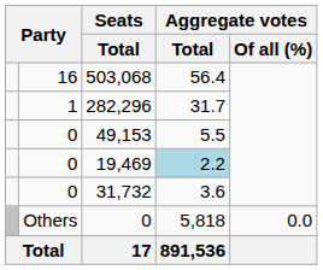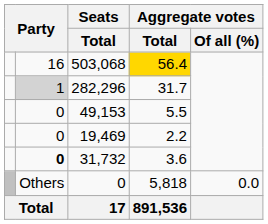 <table class="wikitable" style="text-align:right; font-size:95%;">
 <tr>
 <th colspan="2" rowspan="2">Party</th>
 <th>Seats</th>
 <th colspan="2">Aggregate votes</th>
 </tr>
 <tr>
 <th>Total</th>
 <th>Total</th>
 <th>Of all (%)</th>
 </tr>
 <tr>
 <td></td>
 <td>16</td>
 <td>503,068</td>
-<td>56.4</td>
+<td style="background: gold;">56.4</td>
 </tr>
 <tr>
 <td></td>
-<td>1</td>
+<td style="background: lightgrey;">1</td>
 <td>282,296</td>
 <td>31.7</td>
 </tr>
 <tr>
 <td></td>
 <td>0</td>
 <td>49,153</td>
 <td>5.5</td>
 </tr>
 <tr>
 <td></td>
 <td>0</td>
 <td>19,469</td>
-<td style="background: lightblue;">2.2</td>
+<td>2.2</td>
 </tr>
 <tr>
 <td></td>
-<td>0</td>
+<td><strong>0</strong></td>
 <td>31,732</td>
 <td>3.6</td>
 </tr>
 <tr>
 <td style="background:silver;"> </td>
 <td align=left>Others</td>
 <td>0</td>
 <td>5,818</td>
 <td>0.0</td>
 </tr>
 <tr>
 <th colspan="2" style="background:#f2f2f2"><strong>Total</strong></th>
 <td style="background:#f2f2f2;"><strong>17</strong></td>
 <td style="background:#f2f2f2;"><strong>891,536</strong></td>
 <td style="background:#f2f2f2;"></td>
 </tr>
 </table>
